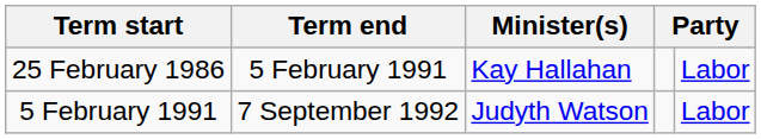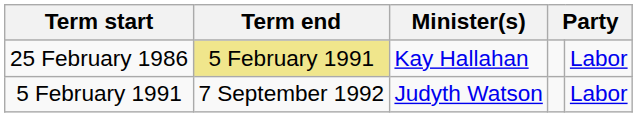 <table class="wikitable">
 <tr>
 <th>Term start</th>
 <th>Term end</th>
 <th>Minister(s)</th>
 <th colspan="2">Party</th>
 </tr>
 <tr>
 <td align=center>25 February 1986</td>
-<td align=center>5 February 1991</td>
+<td align=center style="background: khaki;">5 February 1991</td>
 <td><a href='#'>Kay Hallahan</a></td>
 <td> </td>
 <td><a href='#'>Labor</a></td>
 </tr>
 <tr>
 <td align=center>5 February 1991</td>
 <td align=center>7 September 1992</td>
 <td><a href='#'>Judyth Watson</a></td>
 <td> </td>
 <td><a href='#'>Labor</a></td>
 </tr>
 </table>
